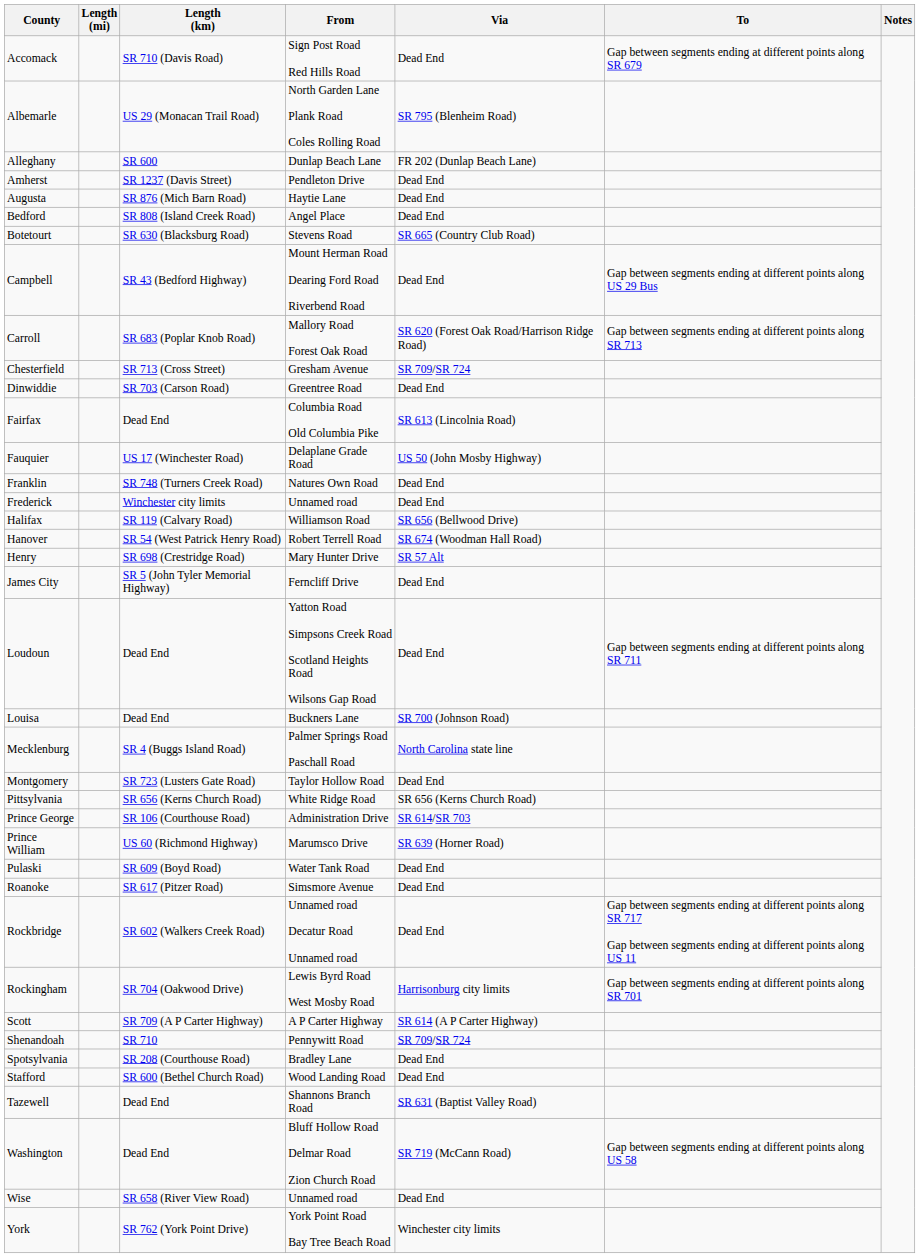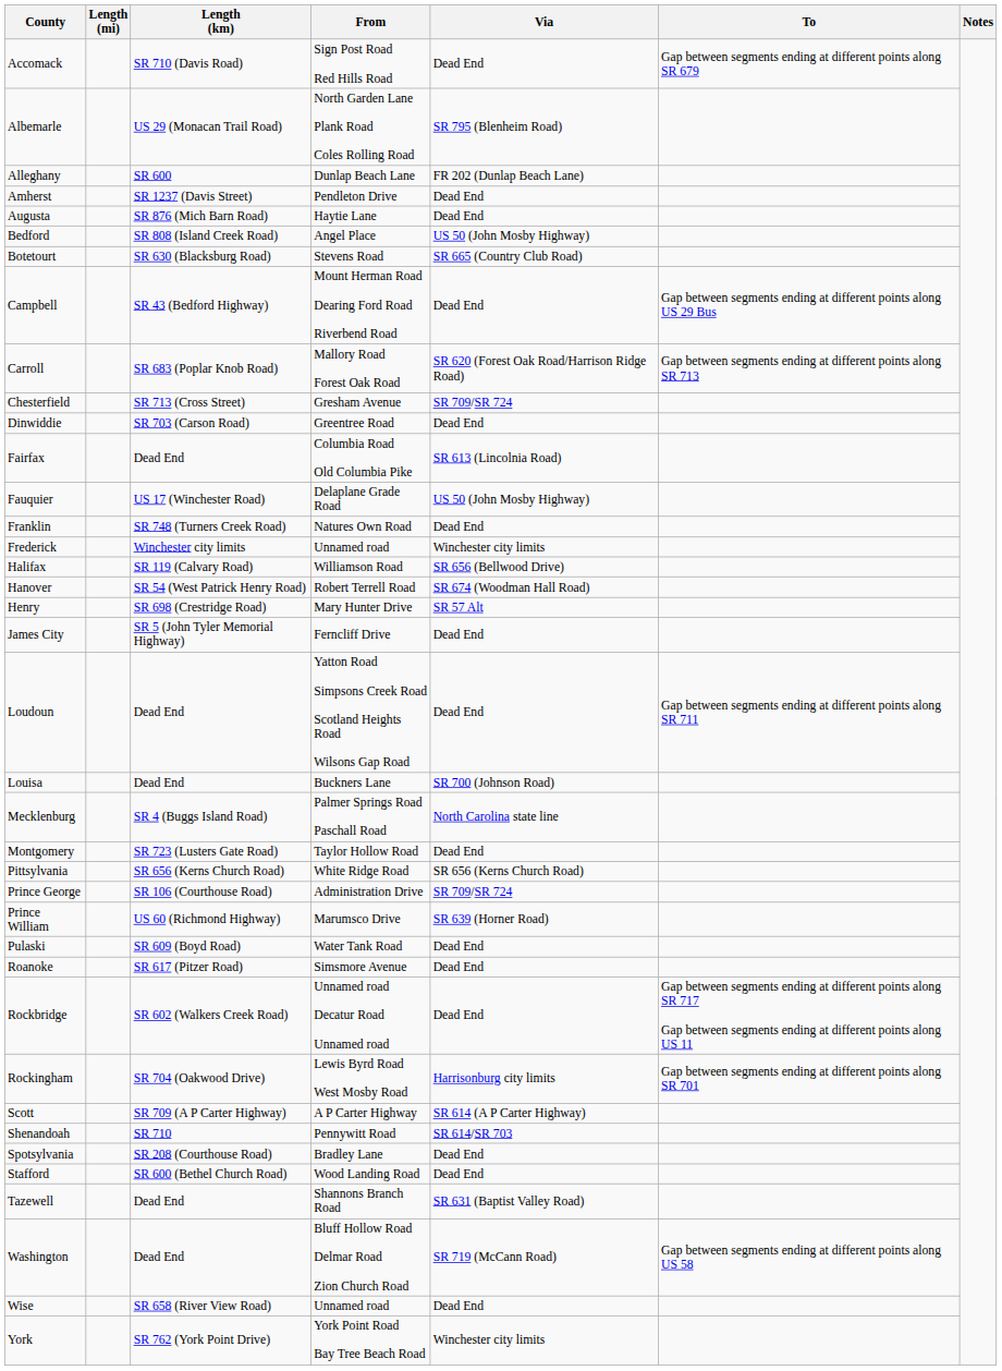 <table class="wikitable sortable">
 <tr>
 <th>County</th>
 <th>Length<br>(mi)</th>
 <th>Length<br>(km)</th>
 <th class="unsortable">From</th>
 <th class="unsortable">Via</th>
 <th class="unsortable">To</th>
 <th class="unsortable">Notes</th>
 </tr>
 <tr>
 <td id="Accomack">Accomack</td>
 <td></td>
 <td><a href='#'>SR 710</a> (Davis Road)</td>
 <td>Sign Post Road<br><br>Red Hills Road</td>
 <td>Dead End</td>
 <td>Gap between segments ending at different points along <a href='#'>SR 679</a></td>
 </tr>
 <tr>
 <td id="Albemarle">Albemarle</td>
 <td></td>
 <td><a href='#'>US 29</a> (Monacan Trail Road)</td>
 <td>North Garden Lane<br><br>Plank Road<br><br>Coles Rolling Road</td>
 <td><a href='#'>SR 795</a> (Blenheim Road)</td>
 <td></td>
 </tr>
 <tr>
 <td id="Alleghany">Alleghany</td>
 <td></td>
 <td><a href='#'>SR 600</a></td>
 <td>Dunlap Beach Lane</td>
 <td>FR 202 (Dunlap Beach Lane)</td>
 <td><br></td>
 </tr>
 <tr>
 <td id="Amherst">Amherst</td>
 <td></td>
 <td><a href='#'>SR 1237</a> (Davis Street)</td>
 <td>Pendleton Drive</td>
 <td>Dead End</td>
 <td><br> </td>
 </tr>
 <tr>
 <td id="Augusta">Augusta</td>
 <td></td>
 <td><a href='#'>SR 876</a> (Mich Barn Road)</td>
 <td>Haytie Lane</td>
 <td>Dead End</td>
 <td><br></td>
 </tr>
 <tr>
 <td id="Bedford">Bedford</td>
 <td></td>
 <td><a href='#'>SR 808</a> (Island Creek Road)</td>
 <td>Angel Place</td>
-<td>Dead End</td>
+<td><a href='#'>US 50</a> (John Mosby Highway)</td>
 <td><br></td>
 </tr>
 <tr>
 <td id="Botetourt">Botetourt</td>
 <td></td>
 <td><a href='#'>SR 630</a> (Blacksburg Road)</td>
 <td>Stevens Road</td>
 <td><a href='#'>SR 665</a> (Country Club Road)</td>
 <td><br>  </td>
 </tr>
 <tr>
 <td id="Campbell">Campbell</td>
 <td></td>
 <td><a href='#'>SR 43</a> (Bedford Highway)</td>
 <td>Mount Herman Road<br><br>Dearing Ford Road<br><br>Riverbend Road</td>
 <td>Dead End</td>
 <td>Gap between segments ending at different points along <a href='#'>US 29 Bus</a><br></td>
 </tr>
 <tr>
 <td id="Carroll">Carroll</td>
 <td></td>
 <td><a href='#'>SR 683</a> (Poplar Knob Road)</td>
 <td>Mallory Road<br><br>Forest Oak Road</td>
 <td><a href='#'>SR 620</a> (Forest Oak Road/Harrison Ridge Road)</td>
 <td>Gap between segments ending at different points along <a href='#'>SR 713</a><br> </td>
 </tr>
 <tr>
 <td id="Chesterfield">Chesterfield</td>
 <td></td>
 <td><a href='#'>SR 713</a> (Cross Street)</td>
 <td>Gresham Avenue</td>
 <td><a href='#'>SR 709</a>/<a href='#'>SR 724</a></td>
 <td><br>    </td>
 </tr>
 <tr>
 <td id="Dinwiddie">Dinwiddie</td>
 <td></td>
 <td><a href='#'>SR 703</a> (Carson Road)</td>
 <td>Greentree Road</td>
 <td>Dead End</td>
 <td><br></td>
 </tr>
 <tr>
 <td id="Fairfax">Fairfax</td>
 <td></td>
 <td>Dead End</td>
 <td>Columbia Road<br><br>Old Columbia Pike</td>
 <td><a href='#'>SR 613</a> (Lincolnia Road)</td>
 <td></td>
 </tr>
 <tr>
 <td id="Fauquier">Fauquier</td>
 <td></td>
 <td><a href='#'>US 17</a> (Winchester Road)</td>
 <td>Delaplane Grade Road</td>
 <td><a href='#'>US 50</a> (John Mosby Highway)</td>
 <td><br> </td>
 </tr>
 <tr>
 <td id="Franklin">Franklin</td>
 <td></td>
 <td><a href='#'>SR 748</a> (Turners Creek Road)</td>
 <td>Natures Own Road</td>
 <td>Dead End</td>
 <td></td>
 </tr>
 <tr>
 <td id="Frederick">Frederick</td>
 <td></td>
 <td><a href='#'>Winchester</a> city limits</td>
 <td>Unnamed road</td>
-<td>Dead End</td>
+<td>Winchester city limits</td>
 <td><br>     </td>
 </tr>
 <tr>
 <td id="Halifax">Halifax</td>
 <td></td>
 <td><a href='#'>SR 119</a> (Calvary Road)</td>
 <td>Williamson Road</td>
 <td><a href='#'>SR 656</a> (Bellwood Drive)</td>
 <td></td>
 </tr>
 <tr>
 <td id="Hanover">Hanover</td>
 <td></td>
 <td><a href='#'>SR 54</a> (West Patrick Henry Road)</td>
 <td>Robert Terrell Road</td>
 <td><a href='#'>SR 674</a> (Woodman Hall Road)</td>
 <td><br></td>
 </tr>
 <tr>
 <td id="Henry">Henry</td>
 <td></td>
 <td><a href='#'>SR 698</a> (Crestridge Road)</td>
 <td>Mary Hunter Drive</td>
 <td><a href='#'>SR 57 Alt</a></td>
 <td><br> </td>
 </tr>
 <tr>
 <td id="James City">James City</td>
 <td></td>
 <td><a href='#'>SR 5</a> (John Tyler Memorial Highway)</td>
 <td>Ferncliff Drive</td>
 <td>Dead End</td>
 <td><br>    </td>
 </tr>
 <tr>
 <td id="Loudoun">Loudoun</td>
 <td></td>
 <td>Dead End</td>
 <td>Yatton Road<br><br>Simpsons Creek Road<br><br>Scotland Heights Road<br><br>Wilsons Gap Road</td>
 <td>Dead End</td>
 <td>Gap between segments ending at different points along <a href='#'>SR 711</a></td>
 </tr>
 <tr>
 <td id="Louisa">Louisa</td>
 <td></td>
 <td>Dead End</td>
 <td>Buckners Lane</td>
 <td><a href='#'>SR 700</a> (Johnson Road)</td>
 <td><br>  </td>
 </tr>
 <tr>
 <td id="Mecklenburg">Mecklenburg</td>
 <td></td>
 <td><a href='#'>SR 4</a> (Buggs Island Road)</td>
 <td>Palmer Springs Road<br><br>Paschall Road</td>
 <td><a href='#'>North Carolina</a> state line</td>
 <td><br></td>
 </tr>
 <tr>
 <td id="Montgomery">Montgomery</td>
 <td></td>
 <td><a href='#'>SR 723</a> (Lusters Gate Road)</td>
 <td>Taylor Hollow Road</td>
 <td>Dead End</td>
 <td><br>       </td>
 </tr>
 <tr>
 <td id="Pittsylvania">Pittsylvania</td>
 <td></td>
 <td><a href='#'>SR 656</a> (Kerns Church Road)</td>
 <td>White Ridge Road</td>
 <td>SR 656 (Kerns Church Road)</td>
 <td><br> </td>
 </tr>
 <tr>
 <td id="Prince George">Prince George</td>
 <td></td>
 <td><a href='#'>SR 106</a> (Courthouse Road)</td>
 <td>Administration Drive</td>
-<td><a href='#'>SR 614</a>/<a href='#'>SR 703</a></td>
+<td><a href='#'>SR 709</a>/<a href='#'>SR 724</a></td>
 <td></td>
 </tr>
 <tr>
 <td id="Prince William">Prince William</td>
 <td></td>
 <td><a href='#'>US 60</a> (Richmond Highway)</td>
 <td>Marumsco Drive</td>
 <td><a href='#'>SR 639</a> (Horner Road)</td>
 <td></td>
 </tr>
 <tr>
 <td id="Pulaski">Pulaski</td>
 <td></td>
 <td><a href='#'>SR 609</a> (Boyd Road)</td>
 <td>Water Tank Road</td>
 <td>Dead End</td>
 <td><br> </td>
 </tr>
 <tr>
 <td id="Roanoke">Roanoke</td>
 <td></td>
 <td><a href='#'>SR 617</a> (Pitzer Road)</td>
 <td>Simsmore Avenue</td>
 <td>Dead End</td>
 <td></td>
 </tr>
 <tr>
 <td id="Rockbridge">Rockbridge</td>
 <td></td>
 <td><a href='#'>SR 602</a> (Walkers Creek Road)</td>
 <td>Unnamed road<br><br>Decatur Road<br><br>Unnamed road</td>
 <td>Dead End</td>
 <td>Gap between segments ending at different points along <a href='#'>SR 717</a><br><br>Gap between segments ending at different points along <a href='#'>US 11</a></td>
 </tr>
 <tr>
 <td id="Rockingham">Rockingham</td>
 <td></td>
 <td><a href='#'>SR 704</a> (Oakwood Drive)</td>
 <td>Lewis Byrd Road<br><br>West Mosby Road</td>
 <td><a href='#'>Harrisonburg</a> city limits</td>
 <td>Gap between segments ending at different points along <a href='#'>SR 701</a><br></td>
 </tr>
 <tr>
 <td id="Scott">Scott</td>
 <td></td>
 <td><a href='#'>SR 709</a> (A P Carter Highway)</td>
 <td>A P Carter Highway</td>
 <td><a href='#'>SR 614</a> (A P Carter Highway)</td>
 <td></td>
 </tr>
 <tr>
 <td id="Shenandoah">Shenandoah</td>
 <td></td>
 <td><a href='#'>SR 710</a></td>
 <td>Pennywitt Road</td>
-<td><a href='#'>SR 709</a>/<a href='#'>SR 724</a></td>
+<td><a href='#'>SR 614</a>/<a href='#'>SR 703</a></td>
 <td><br> </td>
 </tr>
 <tr>
 <td id="Spotsylvania">Spotsylvania</td>
 <td></td>
 <td><a href='#'>SR 208</a> (Courthouse Road)</td>
 <td>Bradley Lane</td>
 <td>Dead End</td>
 <td></td>
 </tr>
 <tr>
 <td id="Stafford">Stafford</td>
 <td></td>
 <td><a href='#'>SR 600</a> (Bethel Church Road)</td>
 <td>Wood Landing Road</td>
 <td>Dead End</td>
 <td><br> </td>
 </tr>
 <tr>
 <td id="Tazewell">Tazewell</td>
 <td></td>
 <td>Dead End</td>
 <td>Shannons Branch Road</td>
 <td><a href='#'>SR 631</a> (Baptist Valley Road)</td>
 <td><br></td>
 </tr>
 <tr>
 <td id="Washington">Washington</td>
 <td></td>
 <td>Dead End</td>
 <td>Bluff Hollow Road<br><br>Delmar Road<br><br>Zion Church Road</td>
 <td><a href='#'>SR 719</a> (McCann Road)</td>
 <td>Gap between segments ending at different points along <a href='#'>US 58</a><br></td>
 </tr>
 <tr>
 <td id="Wise">Wise</td>
 <td></td>
 <td><a href='#'>SR 658</a> (River View Road)</td>
 <td>Unnamed road</td>
 <td>Dead End</td>
 <td><br></td>
 </tr>
 <tr>
 <td id="York">York</td>
 <td></td>
 <td><a href='#'>SR 762</a> (York Point Drive)</td>
 <td>York Point Road<br><br>Bay Tree Beach Road</td>
 <td>Winchester city limits</td>
 <td></td>
 </tr>
 </table>
